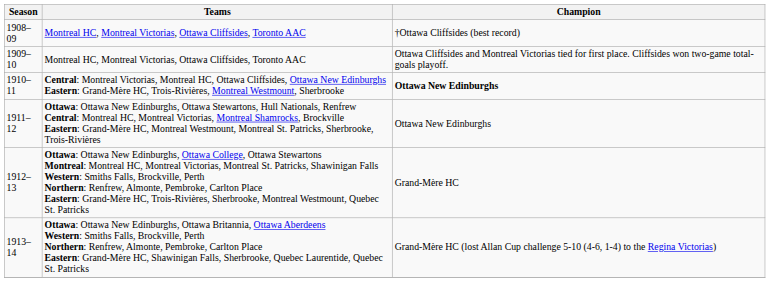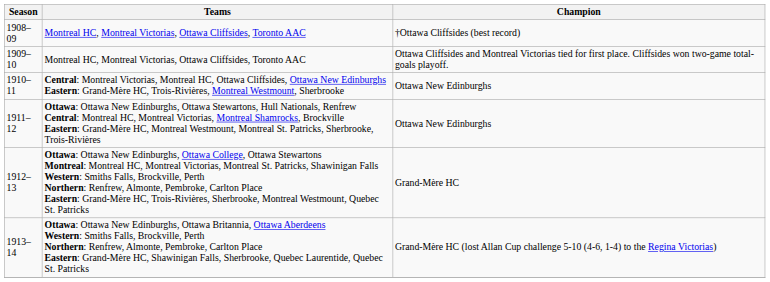 <table class="wikitable">
 <tr>
 <th>Season</th>
 <th>Teams</th>
 <th>Champion</th>
 </tr>
 <tr>
 <td>1908–09</td>
 <td><a href='#'>Montreal HC</a>, <a href='#'>Montreal Victorias</a>, <a href='#'>Ottawa Cliffsides</a>, <a href='#'>Toronto AAC</a></td>
 <td>†Ottawa Cliffsides (best record)</td>
 </tr>
 <tr>
 <td>1909–10</td>
 <td>Montreal HC, Montreal Victorias, Ottawa Cliffsides, Toronto AAC</td>
 <td>Ottawa Cliffsides and Montreal Victorias tied for first place. Cliffsides won two-game total-goals playoff.</td>
 </tr>
 <tr>
 <td>1910–11</td>
 <td><strong>Central</strong>: Montreal Victorias, Montreal HC, Ottawa Cliffsides, <a href='#'>Ottawa New Edinburghs</a><br><strong>Eastern</strong>: Grand-Mère HC, Trois-Rivières, <a href='#'>Montreal Westmount</a>, Sherbrooke</td>
-<td><strong>Ottawa New Edinburghs</strong></td>
+<td>Ottawa New Edinburghs</td>
 </tr>
 <tr>
 <td>1911–12</td>
 <td><strong>Ottawa</strong>: Ottawa New Edinburghs, Ottawa Stewartons, Hull Nationals, Renfrew<br><strong>Central</strong>: Montreal HC, Montreal Victorias, <a href='#'>Montreal Shamrocks</a>, Brockville<br><strong>Eastern</strong>: Grand-Mère HC, Montreal Westmount, Montreal St. Patricks, Sherbrooke, Trois-Rivières</td>
 <td>Ottawa New Edinburghs</td>
 </tr>
 <tr>
 <td>1912–13</td>
 <td><strong>Ottawa</strong>: Ottawa New Edinburghs, <a href='#'>Ottawa College</a>, Ottawa Stewartons<br><strong>Montreal</strong>: Montreal HC, Montreal Victorias, Montreal St. Patricks, Shawinigan Falls<br><strong>Western</strong>: Smiths Falls, Brockville, Perth<br><strong>Northern</strong>: Renfrew, Almonte, Pembroke, Carlton Place<br><strong>Eastern</strong>: Grand-Mère HC, Trois-Rivières, Sherbrooke, Montreal Westmount, Quebec St. Patricks</td>
 <td>Grand-Mère HC</td>
 </tr>
 <tr>
 <td>1913–14</td>
 <td><strong>Ottawa</strong>: Ottawa New Edinburghs, Ottawa Britannia, <a href='#'>Ottawa Aberdeens</a><br><strong>Western</strong>: Smiths Falls, Brockville, Perth<br><strong>Northern</strong>: Renfrew, Almonte, Pembroke, Carlton Place<br><strong>Eastern</strong>: Grand-Mère HC, Shawinigan Falls, Sherbrooke, Quebec Laurentide, Quebec St. Patricks</td>
 <td>Grand-Mère HC (lost Allan Cup challenge 5-10 (4-6, 1-4) to the <a href='#'>Regina Victorias</a>)</td>
 </tr>
 <tr>
 </tr>
 </table>
